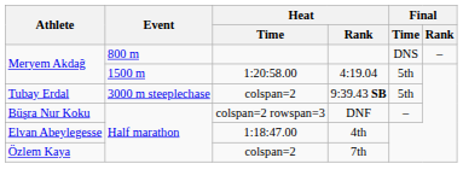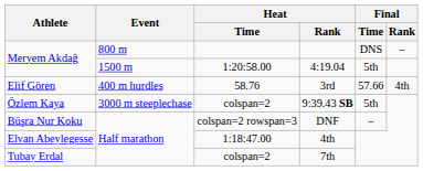 <table class=wikitable>
 <tr>
 <th rowspan="2">Athlete</th>
 <th rowspan="2">Event</th>
 <th colspan="2">Heat</th>
 <th colspan="2">Final</th>
 </tr>
 <tr>
 <th>Time</th>
 <th>Rank</th>
 <th>Time</th>
 <th>Rank</th>
 </tr>
 <tr align=center>
 <td align=left rowspan=2><a href='#'>Meryem Akdağ</a></td>
 <td align=left><a href='#'>800 m</a></td>
 <td></td>
 <td></td>
 <td>DNS</td>
 <td>–</td>
 </tr>
 <tr align=center>
 <td align=left><a href='#'>1500 m</a></td>
 <td>1:20:58.00</td>
 <td>4:19.04</td>
 <td>5th</td>
 </tr>
 <tr align=center>
-<td align=left><a href='#'>Tubay Erdal</a></td>
+<td align=left><a href='#'>Elif Gören</a></td>
+<td align=left><a href='#'>400 m hurdles</a></td>
+<td>58.76</td>
+<td>3rd</td>
+<td>57.66</td>
+<td>4th</td>
+</tr>
+<tr align=center>
+<td align=left><a href='#'>Özlem Kaya</a></td>
 <td align=left><a href='#'>3000 m steeplechase</a></td>
 <td>colspan=2 </td>
 <td>9:39.43 <strong>SB</strong></td>
 <td>5th</td>
 </tr>
 <tr align=center>
 <td align=left><a href='#'>Büşra Nur Koku</a></td>
 <td align=left rowspan=3><a href='#'>Half marathon</a></td>
 <td>colspan=2 rowspan=3 </td>
 <td>DNF</td>
 <td>–</td>
 </tr>
 <tr align=center>
 <td align=left><a href='#'>Elvan Abeylegesse</a></td>
 <td>1:18:47.00</td>
 <td>4th</td>
 </tr>
 <tr align=center>
-<td align=left><a href='#'>Özlem Kaya</a></td>
+<td align=left><a href='#'>Tubay Erdal</a></td>
 <td>colspan=2 </td>
 <td>7th</td>
 </tr>
 </table>
